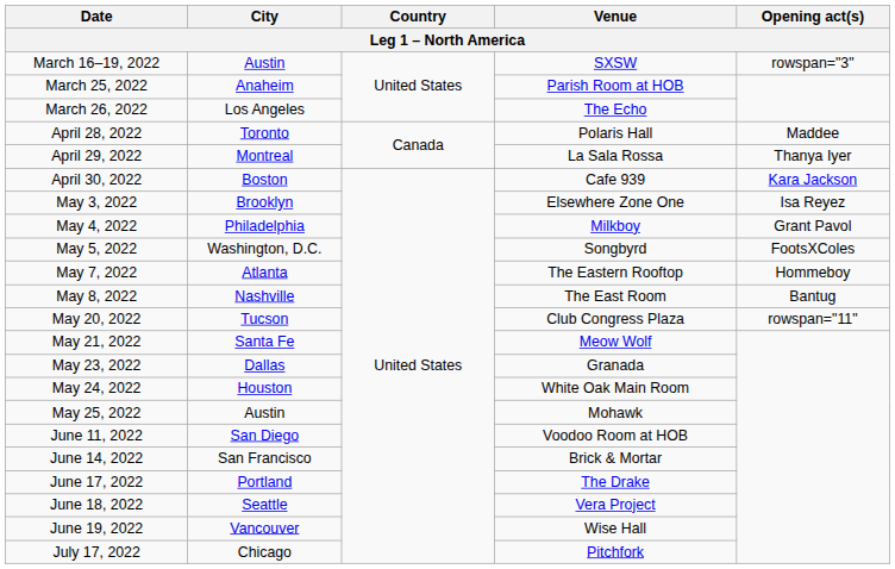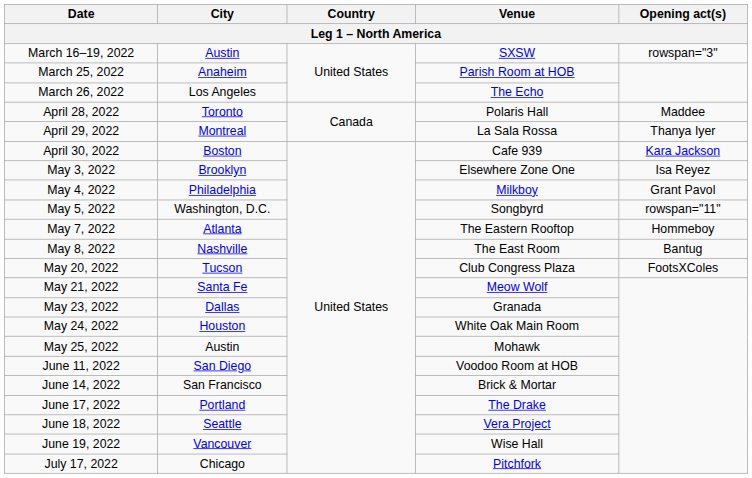 <table class="wikitable" style="text-align:center;">
 <tr>
 <th scope="col" style="width:12em;">Date</th>
 <th scope="col" style="width:10em;">City</th>
 <th scope="col" style="width:10em;">Country</th>
 <th scope="col" style="width:16em;">Venue</th>
 <th scope="col" style="width:10em;">Opening act(s)</th>
 </tr>
 <tr>
 <th colspan="5">Leg 1 – North America</th>
 </tr>
 <tr>
 <td>March 16–19, 2022</td>
 <td><a href='#'>Austin</a></td>
 <td rowspan="3">United States</td>
 <td><a href='#'>SXSW</a></td>
 <td>rowspan="3" </td>
 </tr>
 <tr>
 <td>March 25, 2022</td>
 <td><a href='#'>Anaheim</a></td>
 <td><a href='#'>Parish Room at HOB</a></td>
 </tr>
 <tr>
 <td>March 26, 2022</td>
 <td>Los Angeles</td>
 <td><a href='#'>The Echo</a></td>
 </tr>
 <tr>
 <td>April 28, 2022</td>
 <td><a href='#'>Toronto</a></td>
 <td rowspan="2">Canada</td>
 <td>Polaris Hall</td>
 <td>Maddee</td>
 </tr>
 <tr>
 <td>April 29, 2022</td>
 <td><a href='#'>Montreal</a></td>
 <td>La Sala Rossa</td>
 <td>Thanya Iyer</td>
 </tr>
 <tr>
 <td>April 30, 2022</td>
 <td><a href='#'>Boston</a></td>
 <td rowspan="17">United States</td>
 <td>Cafe 939</td>
 <td><a href='#'>Kara Jackson</a></td>
 </tr>
 <tr>
 <td>May 3, 2022</td>
 <td><a href='#'>Brooklyn</a></td>
 <td>Elsewhere Zone One</td>
 <td>Isa Reyez</td>
 </tr>
 <tr>
 <td>May 4, 2022</td>
 <td><a href='#'>Philadelphia</a></td>
 <td><a href='#'>Milkboy</a></td>
 <td>Grant Pavol</td>
 </tr>
 <tr>
 <td>May 5, 2022</td>
 <td>Washington, D.C.</td>
 <td>Songbyrd</td>
-<td>FootsXColes</td>
+<td>rowspan="11" </td>
 </tr>
 <tr>
 <td>May 7, 2022</td>
 <td><a href='#'>Atlanta</a></td>
 <td>The Eastern Rooftop</td>
 <td>Hommeboy</td>
 </tr>
 <tr>
 <td>May 8, 2022</td>
 <td><a href='#'>Nashville</a></td>
 <td>The East Room</td>
 <td>Bantug</td>
 </tr>
 <tr>
 <td>May 20, 2022</td>
 <td><a href='#'>Tucson</a></td>
 <td>Club Congress Plaza</td>
-<td>rowspan="11" </td>
+<td>FootsXColes</td>
 </tr>
 <tr>
 <td>May 21, 2022</td>
 <td><a href='#'>Santa Fe</a></td>
 <td><a href='#'>Meow Wolf</a></td>
 </tr>
 <tr>
 <td>May 23, 2022</td>
 <td><a href='#'>Dallas</a></td>
 <td>Granada</td>
 </tr>
 <tr>
 <td>May 24, 2022</td>
 <td><a href='#'>Houston</a></td>
 <td>White Oak Main Room</td>
 </tr>
 <tr>
 <td>May 25, 2022</td>
 <td>Austin</td>
 <td>Mohawk</td>
 </tr>
 <tr>
 <td>June 11, 2022</td>
 <td><a href='#'>San Diego</a></td>
 <td>Voodoo Room at HOB</td>
 </tr>
 <tr>
 <td>June 14, 2022</td>
 <td>San Francisco</td>
 <td>Brick & Mortar</td>
 </tr>
 <tr>
 <td>June 17, 2022</td>
 <td><a href='#'>Portland</a></td>
 <td><a href='#'>The Drake</a></td>
 </tr>
 <tr>
 <td>June 18, 2022</td>
 <td><a href='#'>Seattle</a></td>
 <td><a href='#'>Vera Project</a></td>
 </tr>
 <tr>
 <td>June 19, 2022</td>
 <td><a href='#'>Vancouver</a></td>
 <td>Wise Hall</td>
 </tr>
 <tr>
 <td>July 17, 2022</td>
 <td>Chicago</td>
 <td><a href='#'>Pitchfork</a></td>
 </tr>
 </table>
